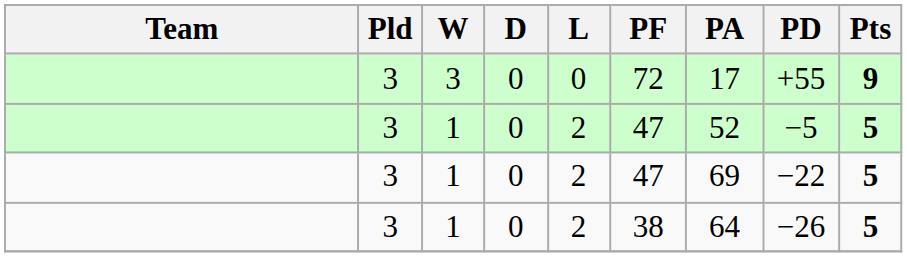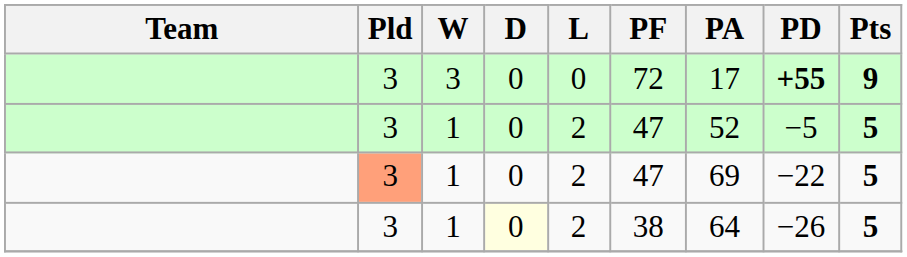 <table class="wikitable" style="text-align:center;">
 <tr>
 <th width=175>Team</th>
 <th width=25 abbr="Played">Pld</th>
 <th width=25 abbr="Won">W</th>
 <th width=25 abbr="Drawn">D</th>
 <th width=25 abbr="Lost">L</th>
 <th width=32 abbr="Points for">PF</th>
 <th width=32 abbr="Points against">PA</th>
 <th width=32 abbr="Points difference">PD</th>
 <th width=25 abbr="Points">Pts</th>
 </tr>
 <tr bgcolor=ccffcc>
 <td align=left></td>
 <td>3</td>
 <td>3</td>
 <td>0</td>
 <td>0</td>
 <td>72</td>
 <td>17</td>
-<td>+55</td>
+<td><strong>+55</strong></td>
 <td><strong>9</strong></td>
 </tr>
 <tr bgcolor=ccffcc>
 <td align=left></td>
 <td>3</td>
 <td>1</td>
 <td>0</td>
 <td>2</td>
 <td>47</td>
 <td>52</td>
 <td>−5</td>
 <td><strong>5</strong></td>
 </tr>
 <tr>
 <td align=left></td>
-<td>3</td>
+<td style="background: lightsalmon;">3</td>
 <td>1</td>
 <td>0</td>
 <td>2</td>
 <td>47</td>
 <td>69</td>
 <td>−22</td>
 <td><strong>5</strong></td>
 </tr>
 <tr>
 <td align=left></td>
 <td>3</td>
 <td>1</td>
-<td>0</td>
+<td style="background: lightyellow;">0</td>
 <td>2</td>
 <td>38</td>
 <td>64</td>
 <td>−26</td>
 <td><strong>5</strong></td>
 </tr>
 <tr>
 </tr>
 </table>
